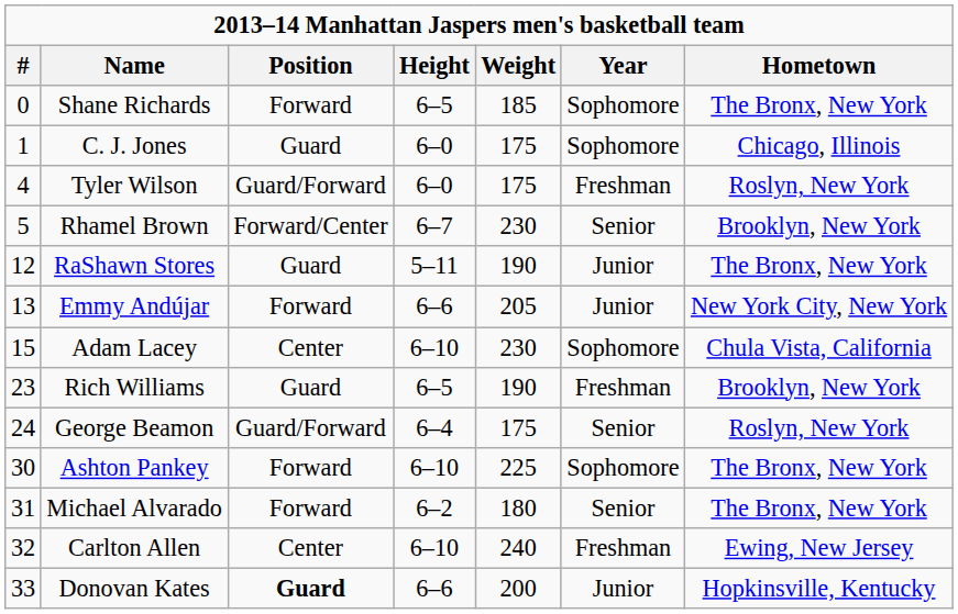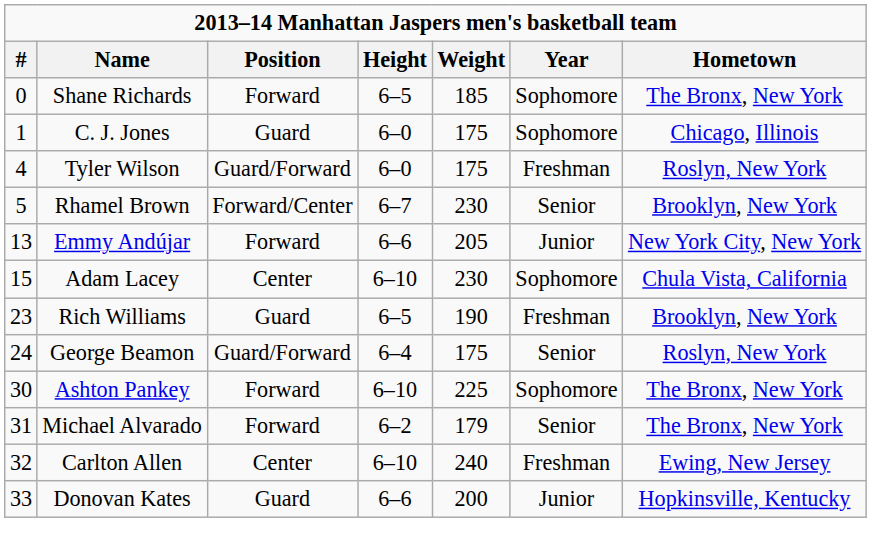 <table class="wikitable sortable" style="font-size: 95%; text-align:center;">
 <tr>
 <td colspan="7"><strong>2013–14 Manhattan Jaspers men's basketball team</strong></td>
 </tr>
 <tr>
 <th>#</th>
 <th>Name</th>
 <th>Position</th>
 <th>Height</th>
 <th>Weight</th>
 <th>Year</th>
 <th>Hometown</th>
 </tr>
 <tr>
 <td>0</td>
 <td>Shane Richards</td>
 <td>Forward</td>
 <td>6–5</td>
 <td>185</td>
 <td>Sophomore</td>
 <td><a href='#'>The Bronx</a>, <a href='#'>New York</a></td>
 </tr>
 <tr>
 <td>1</td>
 <td>C. J. Jones</td>
 <td>Guard</td>
 <td>6–0</td>
 <td>175</td>
 <td>Sophomore</td>
 <td><a href='#'>Chicago</a>, <a href='#'>Illinois</a></td>
 </tr>
 <tr>
 <td>4</td>
 <td>Tyler Wilson</td>
 <td>Guard/Forward</td>
 <td>6–0</td>
 <td>175</td>
 <td>Freshman</td>
 <td><a href='#'>Roslyn, New York</a></td>
 </tr>
 <tr>
 <td>5</td>
 <td>Rhamel Brown</td>
 <td>Forward/Center</td>
 <td>6–7</td>
 <td>230</td>
 <td>Senior</td>
 <td><a href='#'>Brooklyn</a>, <a href='#'>New York</a></td>
-</tr>
-<tr>
-<td>12</td>
-<td><a href='#'>RaShawn Stores</a></td>
-<td>Guard</td>
-<td>5–11</td>
-<td>190</td>
-<td>Junior</td>
-<td><a href='#'>The Bronx</a>, <a href='#'>New York</a></td>
 </tr>
 <tr>
 <td>13</td>
 <td><a href='#'>Emmy Andújar</a></td>
 <td>Forward</td>
 <td>6–6</td>
 <td>205</td>
 <td>Junior</td>
 <td><a href='#'>New York City</a>, <a href='#'>New York</a></td>
 </tr>
 <tr>
 <td>15</td>
 <td>Adam Lacey</td>
 <td>Center</td>
 <td>6–10</td>
 <td>230</td>
 <td>Sophomore</td>
 <td><a href='#'>Chula Vista, California</a></td>
 </tr>
 <tr>
 <td>23</td>
 <td>Rich Williams</td>
 <td>Guard</td>
 <td>6–5</td>
 <td>190</td>
 <td>Freshman</td>
 <td><a href='#'>Brooklyn</a>, <a href='#'>New York</a></td>
 </tr>
 <tr>
 <td>24</td>
 <td>George Beamon</td>
 <td>Guard/Forward</td>
 <td>6–4</td>
 <td>175</td>
 <td>Senior</td>
 <td><a href='#'>Roslyn, New York</a></td>
 </tr>
 <tr>
 <td>30</td>
 <td><a href='#'>Ashton Pankey</a></td>
 <td>Forward</td>
 <td>6–10</td>
 <td>225</td>
 <td>Sophomore</td>
 <td><a href='#'>The Bronx</a>, <a href='#'>New York</a></td>
 </tr>
 <tr>
 <td>31</td>
 <td>Michael Alvarado</td>
 <td>Forward</td>
 <td>6–2</td>
-<td>180</td>
+<td>179</td>
 <td>Senior</td>
 <td><a href='#'>The Bronx</a>, <a href='#'>New York</a></td>
 </tr>
 <tr>
 <td>32</td>
 <td>Carlton Allen</td>
 <td>Center</td>
 <td>6–10</td>
 <td>240</td>
 <td>Freshman</td>
 <td><a href='#'>Ewing, New Jersey</a></td>
 </tr>
 <tr>
 <td>33</td>
 <td>Donovan Kates</td>
-<td><strong>Guard</strong></td>
+<td>Guard</td>
 <td>6–6</td>
 <td>200</td>
 <td>Junior</td>
 <td><a href='#'>Hopkinsville, Kentucky</a></td>
 </tr>
 </table>
